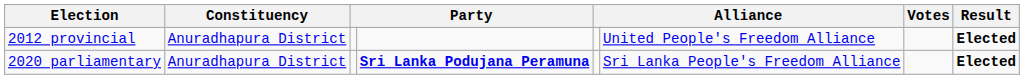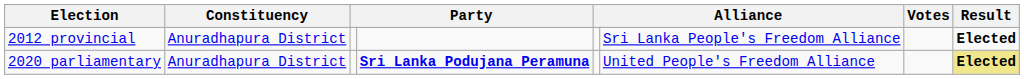 <table class="wikitable" style="text-align:left;">
 <tr>
 <th scope=col>Election</th>
 <th scope=col>Constituency</th>
 <th scope=col colspan="2">Party</th>
 <th scope=col colspan="2">Alliance</th>
 <th scope=col>Votes</th>
 <th scope=col>Result</th>
 </tr>
 <tr>
 <td><a href='#'>2012 provincial</a></td>
 <td><a href='#'>Anuradhapura District</a></td>
 <td></td>
 <td></td>
 <td style="background:"></td>
-<td><a href='#'>United People's Freedom Alliance</a></td>
+<td><a href='#'>Sri Lanka People's Freedom Alliance</a></td>
 <td align=right></td>
 <td><strong>Elected</strong></td>
 </tr>
 <tr>
 <td><a href='#'>2020 parliamentary</a></td>
 <td><a href='#'>Anuradhapura District</a></td>
 <td style="background:"></td>
 <td><strong><a href='#'>Sri Lanka Podujana Peramuna</a></strong></td>
 <td style="background:"></td>
-<td><a href='#'>Sri Lanka People's Freedom Alliance</a></td>
+<td><a href='#'>United People's Freedom Alliance</a></td>
 <td align=right></td>
-<td><strong>Elected</strong></td>
+<td style="background: khaki;"><strong>Elected</strong></td>
 </tr>
 </table>
